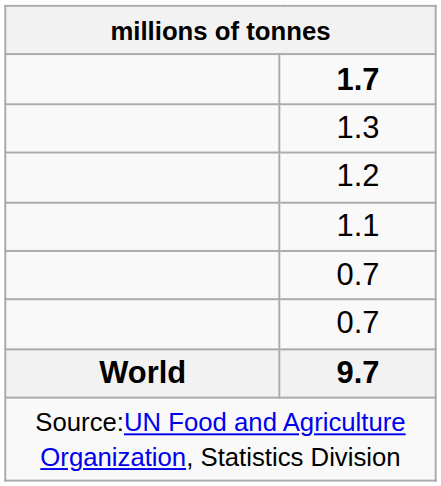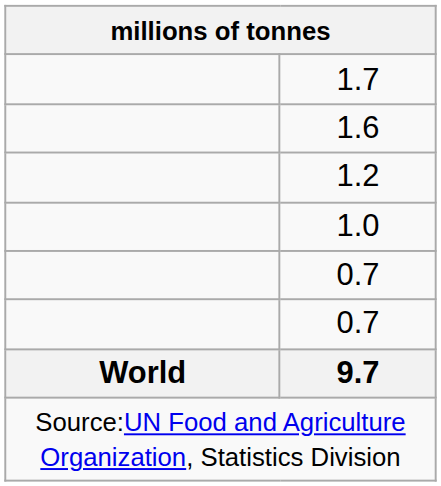 <table class="wikitable" style="float:right; clear:right; width:14em; text-align:center; margin-right:1em;">
 <tr>
 <th colspan=2><small>millions of tonnes</small></th>
 </tr>
 <tr>
 <td></td>
-<td><strong>1.7</strong></td>
+<td>1.7</td>
 </tr>
 <tr>
 <td></td>
-<td>1.3</td>
+<td>1.6</td>
 </tr>
 <tr>
 <td></td>
 <td>1.2</td>
 </tr>
 <tr>
 <td></td>
-<td>1.1</td>
+<td>1.0</td>
 </tr>
 <tr>
 <td></td>
 <td>0.7</td>
 </tr>
 <tr>
 <td></td>
 <td>0.7</td>
 </tr>
 <tr>
 <th>World</th>
 <th>9.7</th>
 </tr>
 <tr>
 <td colspan=2><small>Source:<a href='#'>UN Food and Agriculture Organization</a>, Statistics Division</small></td>
 </tr>
 </table>
